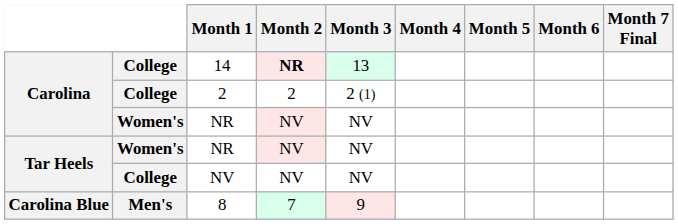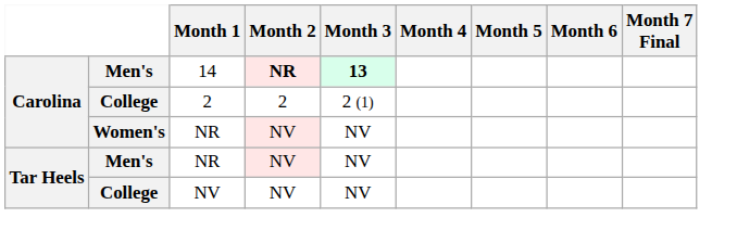 <table class="wikitable" style="white-space:nowrap;font-size:85%;">
 <tr>
 <th colspan=2 style="background:white; border-top-style:hidden; border-left-style:hidden;"> </th>
 <th>Month 1</th>
 <th>Month 2</th>
 <th>Month 3</th>
 <th>Month 4</th>
 <th>Month 5</th>
 <th>Month 6</th>
 <th>Month 7<br>Final</th>
 </tr>
 <tr style="text-align:center;">
 <th rowspan="3">Carolina</th>
-<th>College</th>
+<th>Men's</th>
 <td style="background:#FFF;">14</td>
 <td style="background:#ffe6e6;"><strong>NR</strong></td>
-<td style="background:#d8ffeb;">13</td>
+<td style="background:#d8ffeb;"><strong>13</strong></td>
 <td style="background:#FFF;"></td>
 <td style="background:#FFF;"></td>
 <td style="background:#FFF;"></td>
 <td style="background:#FFF;"></td>
 </tr>
 <tr style="text-align:center;">
 <th>College</th>
 <td style="background:#FFF;">2</td>
 <td style="background:#FFF;">2</td>
 <td style="background:#FFF;">2 <small>(1)</small></td>
 <td style="background:#FFF;"></td>
 <td style="background:#FFF;"></td>
 <td style="background:#FFF;"></td>
 <td style="background:#FFF;"></td>
 </tr>
 <tr style="text-align:center;">
 <th>Women's</th>
 <td style="background:#FFF;">NR</td>
 <td style="background:#ffe6e6;">NV</td>
 <td style="background:#FFF;">NV</td>
 <td style="background:#FFF;"></td>
 <td style="background:#FFF;"></td>
 <td style="background:#FFF;"></td>
 <td style="background:#FFF;"></td>
 </tr>
 <tr style="text-align:center;">
 <th rowspan="2" style="background-color:#">Tar Heels</th>
-<th>Women's</th>
+<th>Men's</th>
 <td style="background:#FFF;">NR</td>
 <td style="background:#ffe6e6;">NV</td>
 <td style="background:#FFF;">NV</td>
 <td style="background:#FFF;"></td>
 <td style="background:#FFF;"></td>
 <td style="background:#FFF;"></td>
 <td style="background:#FFF;"></td>
 </tr>
 <tr style="text-align:center;">
 <th>College</th>
 <td style="background:#FFF;">NV</td>
 <td style="background:#FFF;">NV</td>
 <td style="background:#FFF;">NV</td>
 <td style="background:#FFF;"></td>
 <td style="background:#FFF;"></td>
 <td style="background:#FFF;"></td>
 <td style="background:#FFF;"></td>
 </tr>
-<tr style="text-align:center;">
-<th>Carolina Blue</th>
-<th>Men's</th>
-<td style="background:#FFF;">8</td>
-<td style="background:#d8ffeb;">7</td>
-<td style="background:#ffe6e6;">9</td>
-<td style="background:#FFF;"></td>
-<td style="background:#FFF;"></td>
-<td style="background:#FFF;"></td>
-<td style="background:#FFF;"></td>
-</tr>
 </table>
